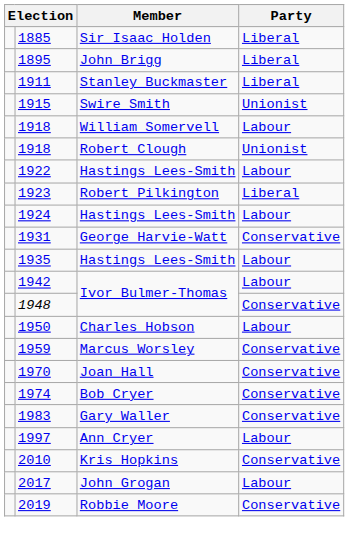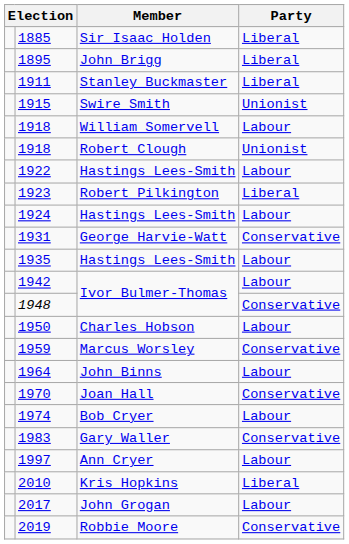 <table class="wikitable">
 <tr>
 <th colspan="2">Election</th>
 <th>Member</th>
 <th>Party</th>
 </tr>
 <tr>
 <td style="color:inherit;background-color: "></td>
 <td><a href='#'>1885</a></td>
 <td><a href='#'>Sir Isaac Holden</a></td>
 <td><a href='#'>Liberal</a></td>
 </tr>
 <tr>
 <td style="color:inherit;background-color: "></td>
 <td><a href='#'>1895</a></td>
 <td><a href='#'>John Brigg</a></td>
 <td><a href='#'>Liberal</a></td>
 </tr>
 <tr>
 <td style="color:inherit;background-color: "></td>
 <td><a href='#'>1911</a></td>
 <td><a href='#'>Stanley Buckmaster</a></td>
 <td><a href='#'>Liberal</a></td>
 </tr>
 <tr>
 <td style="color:inherit;background-color: "></td>
 <td><a href='#'>1915</a></td>
 <td><a href='#'>Swire Smith</a></td>
 <td><a href='#'>Unionist</a></td>
 </tr>
 <tr>
 <td style="color:inherit;background-color: "></td>
 <td><a href='#'>1918</a></td>
 <td><a href='#'>William Somervell</a></td>
 <td><a href='#'>Labour</a></td>
 </tr>
 <tr>
 <td style="color:inherit;background-color: "></td>
 <td><a href='#'>1918</a></td>
 <td><a href='#'>Robert Clough</a></td>
 <td><a href='#'>Unionist</a></td>
 </tr>
 <tr>
 <td style="color:inherit;background-color: "></td>
 <td><a href='#'>1922</a></td>
 <td><a href='#'>Hastings Lees-Smith</a></td>
 <td><a href='#'>Labour</a></td>
 </tr>
 <tr>
 <td style="color:inherit;background-color: "></td>
 <td><a href='#'>1923</a></td>
 <td><a href='#'>Robert Pilkington</a></td>
 <td><a href='#'>Liberal</a></td>
 </tr>
 <tr>
 <td style="color:inherit;background-color: "></td>
 <td><a href='#'>1924</a></td>
 <td><a href='#'>Hastings Lees-Smith</a></td>
 <td><a href='#'>Labour</a></td>
 </tr>
 <tr>
 <td style="color:inherit;background-color: "></td>
 <td><a href='#'>1931</a></td>
 <td><a href='#'>George Harvie-Watt</a></td>
 <td><a href='#'>Conservative</a></td>
 </tr>
 <tr>
 <td style="color:inherit;background-color: "></td>
 <td><a href='#'>1935</a></td>
 <td><a href='#'>Hastings Lees-Smith</a></td>
 <td><a href='#'>Labour</a></td>
 </tr>
 <tr>
 <td style="color:inherit;background-color: "></td>
 <td><a href='#'>1942</a></td>
 <td rowspan="2"><a href='#'>Ivor Bulmer-Thomas</a></td>
 <td><a href='#'>Labour</a></td>
 </tr>
 <tr>
 <td style="color:inherit;background-color: "></td>
 <td><em>1948</em></td>
 <td><a href='#'>Conservative</a></td>
 </tr>
 <tr>
 <td style="color:inherit;background-color: "></td>
 <td><a href='#'>1950</a></td>
 <td><a href='#'>Charles Hobson</a></td>
 <td><a href='#'>Labour</a></td>
 </tr>
 <tr>
 <td style="color:inherit;background-color: "></td>
 <td><a href='#'>1959</a></td>
 <td><a href='#'>Marcus Worsley</a></td>
 <td><a href='#'>Conservative</a></td>
 </tr>
 <tr>
 <td style="color:inherit;background-color: "></td>
+<td><a href='#'>1964</a></td>
+<td><a href='#'>John Binns</a></td>
+<td><a href='#'>Labour</a></td>
+</tr>
+<tr>
+<td style="color:inherit;background-color: "></td>
 <td><a href='#'>1970</a></td>
 <td><a href='#'>Joan Hall</a></td>
 <td><a href='#'>Conservative</a></td>
 </tr>
 <tr>
 <td style="color:inherit;background-color: "></td>
 <td><a href='#'>1974</a></td>
 <td><a href='#'>Bob Cryer</a></td>
-<td><a href='#'>Conservative</a></td>
+<td><a href='#'>Labour</a></td>
 </tr>
 <tr>
 <td style="color:inherit;background-color: "></td>
 <td><a href='#'>1983</a></td>
 <td><a href='#'>Gary Waller</a></td>
 <td><a href='#'>Conservative</a></td>
 </tr>
 <tr>
 <td style="color:inherit;background-color: "></td>
 <td><a href='#'>1997</a></td>
 <td><a href='#'>Ann Cryer</a></td>
 <td><a href='#'>Labour</a></td>
 </tr>
 <tr>
 <td style="color:inherit;background-color: "></td>
 <td><a href='#'>2010</a></td>
 <td><a href='#'>Kris Hopkins</a></td>
-<td><a href='#'>Conservative</a></td>
+<td><a href='#'>Liberal</a></td>
 </tr>
 <tr>
 <td style="color:inherit;background-color: "></td>
 <td><a href='#'>2017</a></td>
 <td><a href='#'>John Grogan</a></td>
 <td><a href='#'>Labour</a></td>
 </tr>
 <tr>
 <td style="color:inherit;background-color: "></td>
 <td><a href='#'>2019</a></td>
 <td><a href='#'>Robbie Moore</a></td>
 <td><a href='#'>Conservative</a></td>
 </tr>
 </table>
